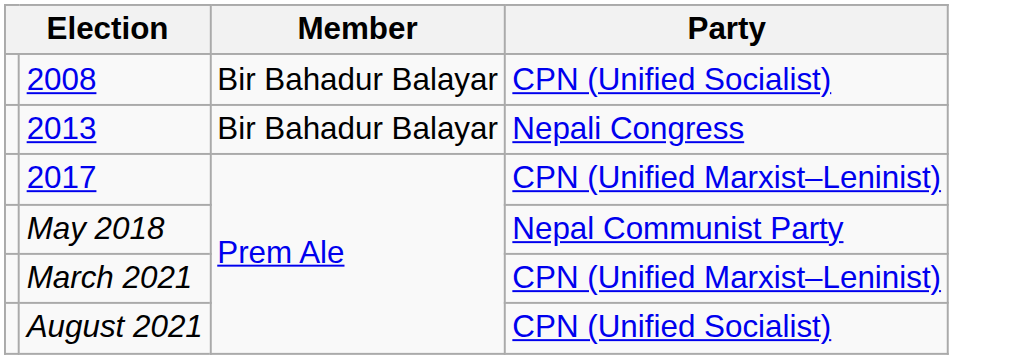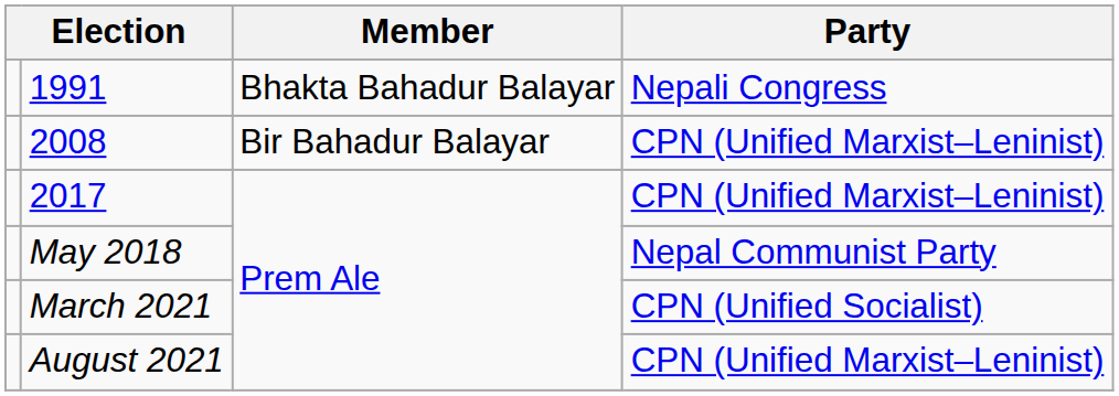 <table class="wikitable">
 <tr>
 <th colspan="2">Election</th>
 <th>Member</th>
 <th>Party</th>
 </tr>
 <tr>
 <td style="background-color:"></td>
-<td><a href='#'>2008</a></td>
-<td>Bir Bahadur Balayar</td>
-<td><a href='#'>CPN (Unified Socialist)</a></td>
+<td><a href='#'>1991</a></td>
+<td>Bhakta Bahadur Balayar</td>
+<td><a href='#'>Nepali Congress</a></td>
 </tr>
 <tr>
 <td style="background-color:"></td>
-<td><a href='#'>2013</a></td>
+<td><a href='#'>2008</a></td>
 <td>Bir Bahadur Balayar</td>
-<td><a href='#'>Nepali Congress</a></td>
+<td><a href='#'>CPN (Unified Marxist–Leninist)</a></td>
 </tr>
 <tr>
 <td style="background-color:"></td>
 <td><a href='#'>2017</a></td>
 <td rowspan="4"><a href='#'>Prem Ale</a></td>
 <td><a href='#'>CPN (Unified Marxist–Leninist)</a></td>
 </tr>
 <tr>
 <td style="background-color:"></td>
 <td><em>May 2018</em></td>
 <td><a href='#'>Nepal Communist Party</a></td>
 </tr>
 <tr>
 <td style="background-color:"></td>
 <td><em>March 2021</em></td>
-<td><a href='#'>CPN (Unified Marxist–Leninist)</a></td>
+<td><a href='#'>CPN (Unified Socialist)</a></td>
 </tr>
 <tr>
 <td style="background-color:"></td>
 <td><em>August 2021</em></td>
-<td><a href='#'>CPN (Unified Socialist)</a></td>
+<td><a href='#'>CPN (Unified Marxist–Leninist)</a></td>
 </tr>
 </table>
